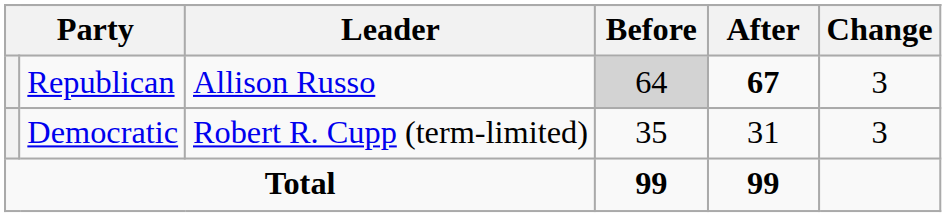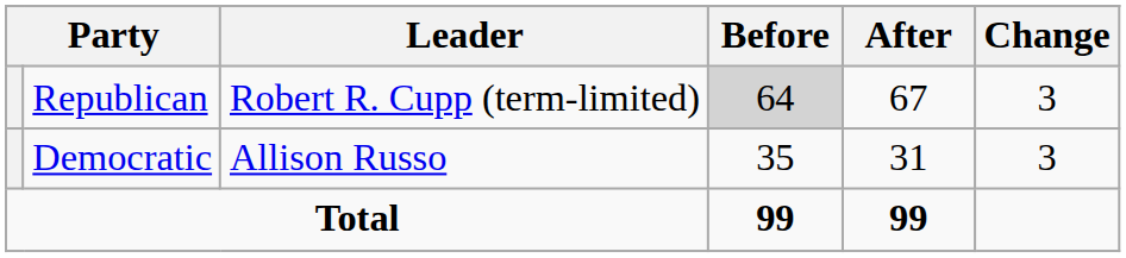 <table class="wikitable" style="text-align:center;">
 <tr>
 </tr>
 <tr>
 <th colspan=2>Party</th>
 <th>Leader</th>
 <th style="width:3em">Before</th>
 <th style="width:3em">After</th>
 <th style="width:3em">Change</th>
 </tr>
 <tr>
 <th style="background-color:"></th>
 <td style="text-align:left;"><a href='#'>Republican</a></td>
-<td style="text-align:left;"><a href='#'>Allison Russo</a></td>
+<td style="text-align:left;"><a href='#'>Robert R. Cupp</a> (term-limited)</td>
 <td style="background: lightgrey;">64</td>
-<td><strong>67</strong></td>
+<td>67</td>
 <td> 3</td>
 </tr>
 <tr>
 <th style="background-color:"></th>
 <td style="text-align:left;"><a href='#'>Democratic</a></td>
-<td style="text-align:left;"><a href='#'>Robert R. Cupp</a> (term-limited)</td>
+<td style="text-align:left;"><a href='#'>Allison Russo</a></td>
 <td>35</td>
 <td>31</td>
 <td> 3</td>
 </tr>
 <tr>
 <td colspan=3><strong>Total</strong></td>
 <td><strong>99</strong></td>
 <td><strong>99</strong></td>
 <td></td>
 </tr>
 </table>
